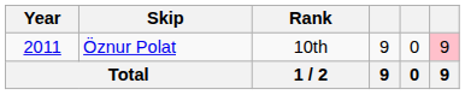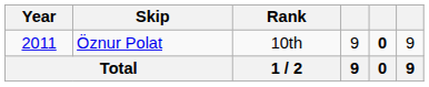 <table class="wikitable" style="text-align: center;">
 <tr>
 <th width="60">Year</th>
 <th width="150">Skip</th>
 <th width="100">Rank</th>
 <th width="20"></th>
 <th width="20"></th>
 <th width="20"></th>
 </tr>
 <tr>
 <td> <a href='#'>2011</a></td>
 <td align=left><a href='#'>Öznur Polat</a></td>
 <td>10th</td>
 <td>9</td>
-<td>0</td>
-<td style="background: pink;">9</td>
+<td><strong>0</strong></td>
+<td>9</td>
 </tr>
 <tr>
 <th colspan=2>Total</th>
 <th>1 / 2</th>
 <th>9</th>
 <th>0</th>
 <th>9</th>
 </tr>
 </table>
